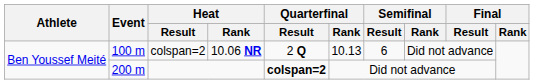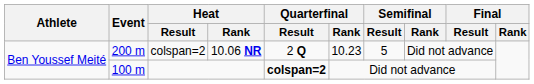 <table class="wikitable" style="font-size:90%">
 <tr>
 <th rowspan="2">Athlete</th>
 <th rowspan="2">Event</th>
 <th colspan="2">Heat</th>
 <th colspan="2">Quarterfinal</th>
 <th colspan="2">Semifinal</th>
 <th colspan="2">Final</th>
 </tr>
 <tr style="font-size:95%">
 <th>Result</th>
 <th>Rank</th>
 <th>Result</th>
 <th>Rank</th>
 <th>Result</th>
 <th>Rank</th>
 <th>Result</th>
 <th>Rank</th>
 </tr>
 <tr align=center>
 <td align=left rowspan=2><a href='#'>Ben Youssef Meité</a></td>
-<td align=left><a href='#'>100 m</a></td>
+<td align=left><a href='#'>200 m</a></td>
 <td>colspan=2 </td>
 <td>10.06 <strong><a href='#'>NR</a></strong></td>
 <td>2 <strong>Q</strong></td>
-<td>10.13</td>
-<td>6</td>
+<td>10.23</td>
+<td>5</td>
 <td colspan="2">Did not advance</td>
 </tr>
 <tr align=center>
-<td align=left><a href='#'>200 m</a></td>
+<td align=left><a href='#'>100 m</a></td>
 <td colspan=2></td>
 <td><strong>colspan=2 </strong></td>
 <td colspan=4>Did not advance</td>
 </tr>
 </table>
